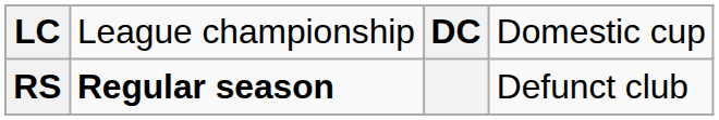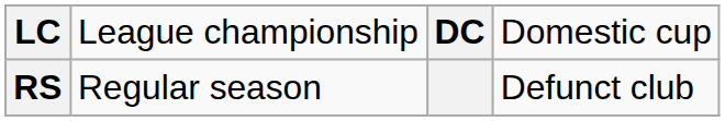 <table class="wikitable">
 <tr>
 <th>LC</th>
 <td>League championship</td>
 <th>DC</th>
 <td>Domestic cup</td>
 </tr>
 <tr>
 <th>RS</th>
-<td><strong>Regular season</strong></td>
+<td>Regular season</td>
 <th></th>
 <td>Defunct club</td>
 </tr>
 </table>
